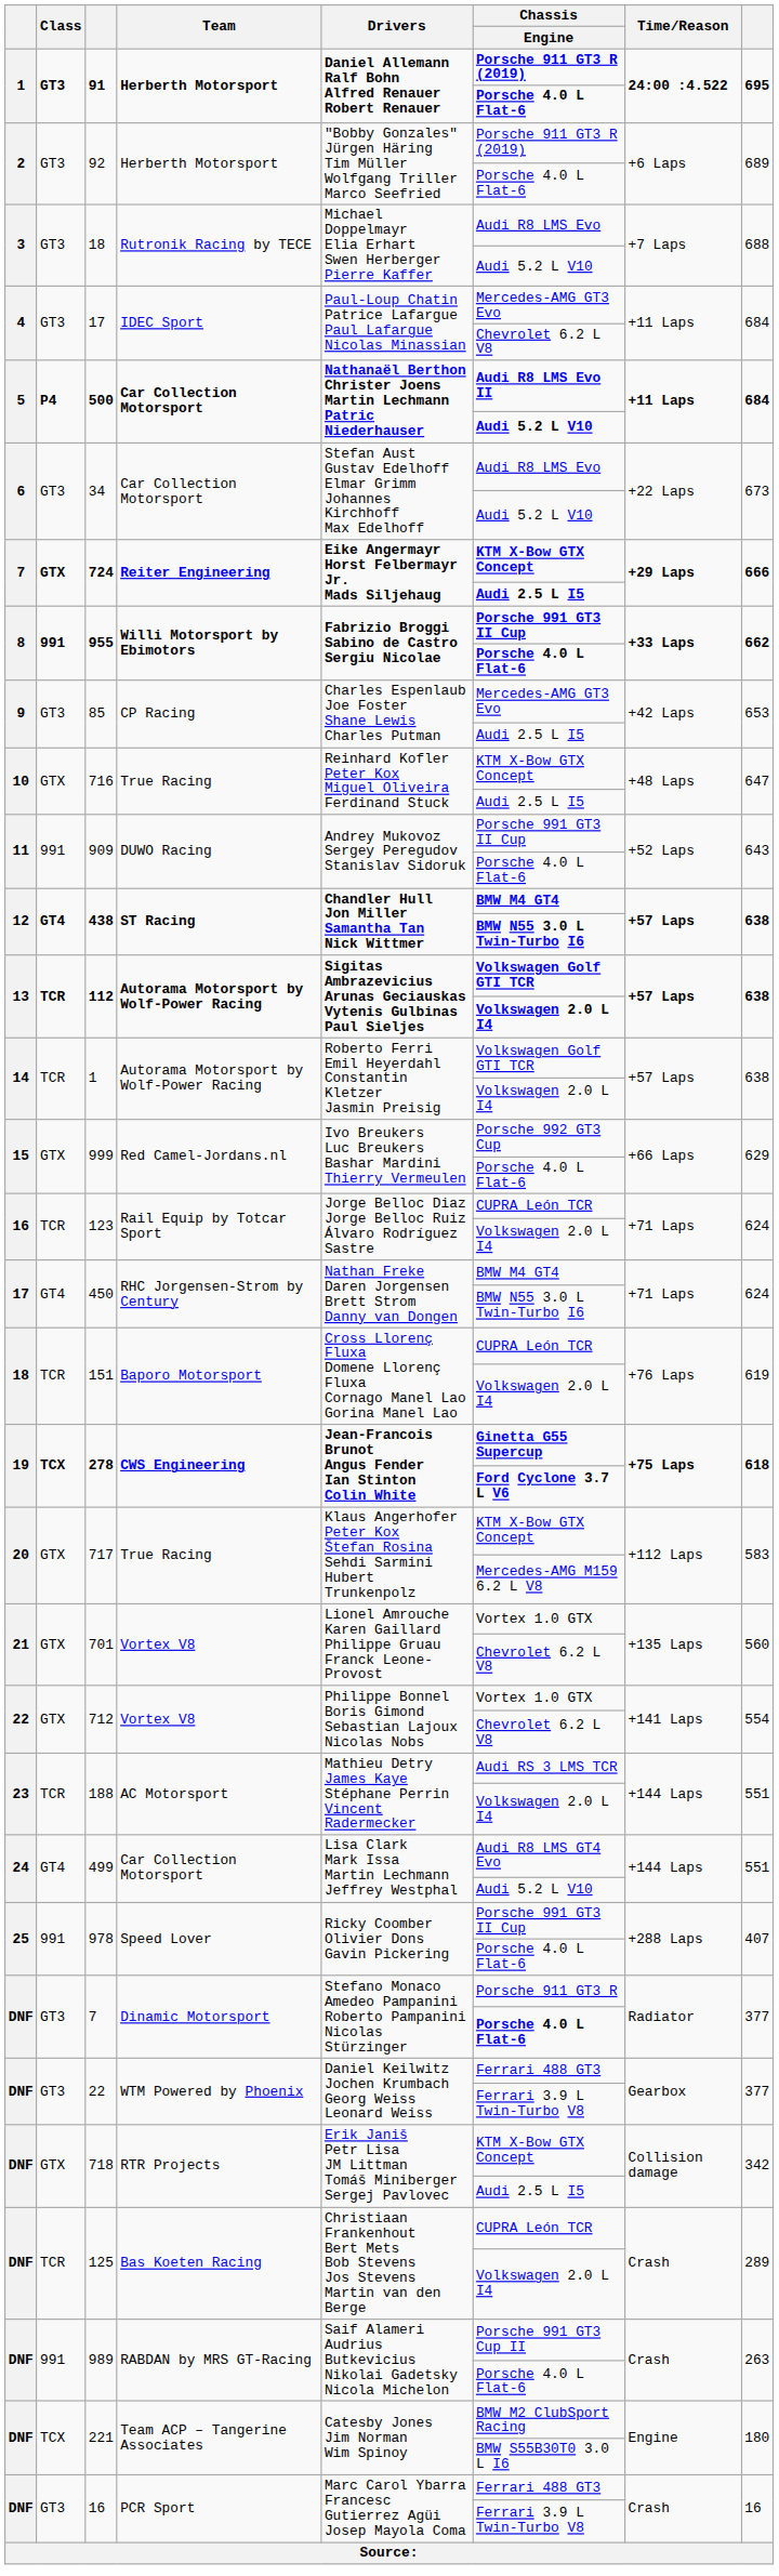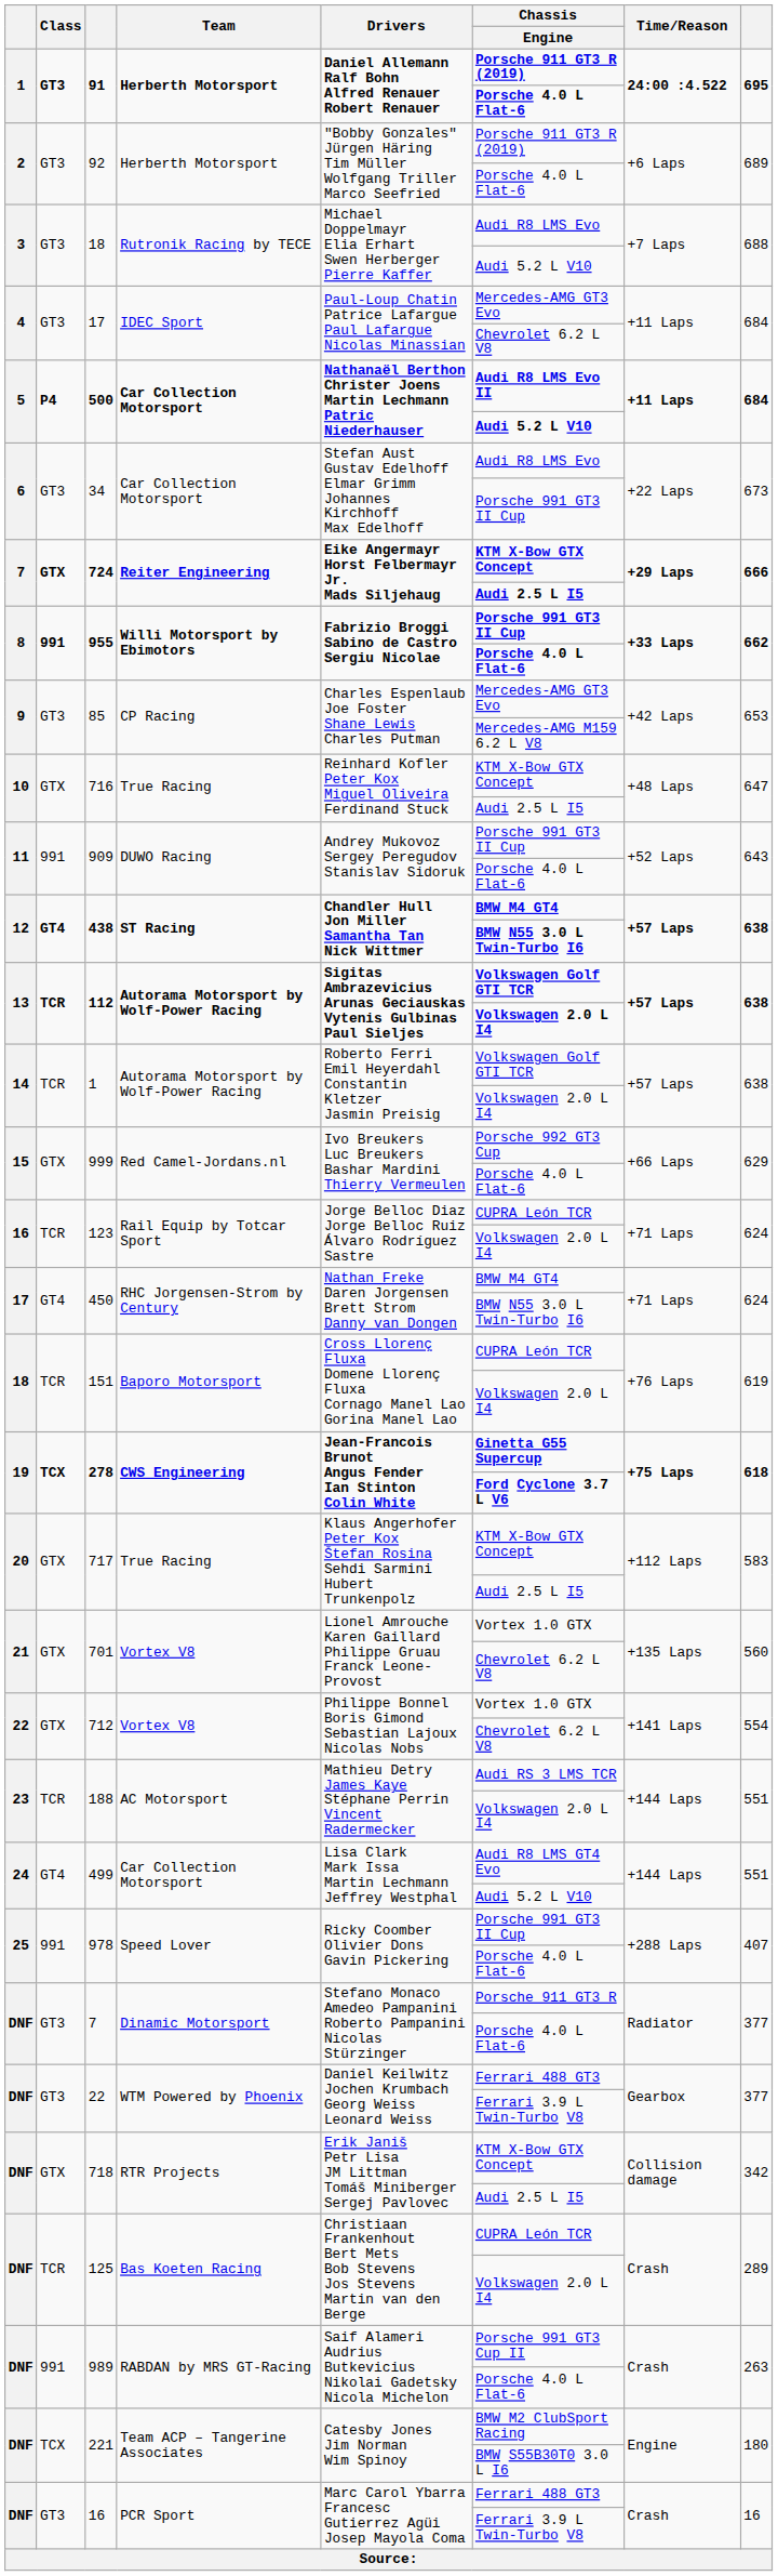 <table class="wikitable" style="font-size: 85%;">
 <tr>
 <th rowspan=2></th>
 <th rowspan=2>Class</th>
 <th rowspan=2></th>
 <th rowspan=2>Team</th>
 <th rowspan=2>Drivers</th>
 <th>Chassis</th>
 <th rowspan=2>Time/Reason</th>
 <th rowspan=2></th>
 </tr>
 <tr>
 <th>Engine</th>
 </tr>
 <tr style="font-weight:bold">
 <th rowspan=2>1</th>
 <td rowspan=2>GT3</td>
 <td rowspan=2>91</td>
 <td rowspan=2> Herberth Motorsport</td>
 <td rowspan=2> Daniel Allemann<br> Ralf Bohn<br> Alfred Renauer<br> Robert Renauer</td>
 <td><a href='#'>Porsche 911 GT3 R (2019)</a></td>
 <td rowspan=2>24:00 :4.522</td>
 <td rowspan=2>695</td>
 </tr>
 <tr style="font-weight:bold">
 <td><a href='#'>Porsche</a> 4.0 L <a href='#'>Flat-6</a></td>
 </tr>
 <tr>
 <th rowspan=2>2</th>
 <td rowspan=2>GT3</td>
 <td rowspan=2>92</td>
 <td rowspan=2> Herberth Motorsport</td>
 <td rowspan=2> "Bobby Gonzales"<br> Jürgen Häring<br> Tim Müller<br> Wolfgang Triller<br> Marco Seefried</td>
 <td><a href='#'>Porsche 911 GT3 R (2019)</a></td>
 <td rowspan=2>+6 Laps</td>
 <td rowspan=2>689</td>
 </tr>
 <tr>
 <td><a href='#'>Porsche</a> 4.0 L <a href='#'>Flat-6</a></td>
 </tr>
 <tr>
 <th rowspan=2>3</th>
 <td rowspan=2>GT3</td>
 <td rowspan=2>18</td>
 <td rowspan=2> <a href='#'>Rutronik Racing</a> by TECE</td>
 <td rowspan=2> Michael Doppelmayr<br> Elia Erhart<br> Swen Herberger<br> <a href='#'>Pierre Kaffer</a></td>
 <td><a href='#'>Audi R8 LMS Evo</a></td>
 <td rowspan=2>+7 Laps</td>
 <td rowspan=2>688</td>
 </tr>
 <tr>
 <td><a href='#'>Audi</a> 5.2 L <a href='#'>V10</a></td>
 </tr>
 <tr>
 <th rowspan=2>4</th>
 <td rowspan=2>GT3</td>
 <td rowspan=2>17</td>
 <td rowspan=2> <a href='#'>IDEC Sport</a></td>
 <td rowspan=2> <a href='#'>Paul-Loup Chatin</a><br> Patrice Lafargue<br> <a href='#'>Paul Lafargue</a><br> <a href='#'>Nicolas Minassian</a></td>
 <td><a href='#'>Mercedes-AMG GT3 Evo</a></td>
 <td rowspan=2>+11 Laps</td>
 <td rowspan=2>684</td>
 </tr>
 <tr>
 <td><a href='#'>Chevrolet</a> 6.2 L <a href='#'>V8</a></td>
 </tr>
 <tr style="font-weight:bold">
 <th rowspan=2>5</th>
 <td rowspan=2>P4</td>
 <td rowspan=2>500</td>
 <td rowspan=2> Car Collection Motorsport</td>
 <td rowspan=2> <a href='#'>Nathanaël Berthon</a><br> Christer Joens<br> Martin Lechmann<br> <a href='#'>Patric Niederhauser</a></td>
 <td><a href='#'>Audi R8 LMS Evo II</a></td>
 <td rowspan=2>+11 Laps</td>
 <td rowspan=2>684</td>
 </tr>
 <tr style="font-weight:bold">
 <td><a href='#'>Audi</a> 5.2 L <a href='#'>V10</a></td>
 </tr>
 <tr>
 <th rowspan=2>6</th>
 <td rowspan=2>GT3</td>
 <td rowspan=2>34</td>
 <td rowspan=2> Car Collection Motorsport</td>
 <td rowspan=2> Stefan Aust<br> Gustav Edelhoff<br> Elmar Grimm<br> Johannes Kirchhoff<br> Max Edelhoff</td>
 <td><a href='#'>Audi R8 LMS Evo</a></td>
 <td rowspan=2>+22 Laps</td>
 <td rowspan=2>673</td>
 </tr>
 <tr>
-<td><a href='#'>Audi</a> 5.2 L <a href='#'>V10</a></td>
+<td><a href='#'>Porsche 991 GT3 II Cup</a></td>
 </tr>
 <tr style="font-weight:bold">
 <th rowspan=2>7</th>
 <td rowspan=2>GTX</td>
 <td rowspan=2>724</td>
 <td rowspan=2> <a href='#'>Reiter Engineering</a></td>
 <td rowspan=2> Eike Angermayr<br> Horst Felbermayr Jr.<br> Mads Siljehaug</td>
 <td><a href='#'>KTM X-Bow GTX Concept</a></td>
 <td rowspan=2>+29 Laps</td>
 <td rowspan=2>666</td>
 </tr>
 <tr style="font-weight:bold">
 <td><a href='#'>Audi</a> 2.5 L <a href='#'>I5</a></td>
 </tr>
 <tr style="font-weight:bold">
 <th rowspan=2>8</th>
 <td rowspan=2>991</td>
 <td rowspan=2>955</td>
 <td rowspan=2> Willi Motorsport by Ebimotors</td>
 <td rowspan=2> Fabrizio Broggi<br> Sabino de Castro<br> Sergiu Nicolae</td>
 <td><a href='#'>Porsche 991 GT3 II Cup</a></td>
 <td rowspan=2>+33 Laps</td>
 <td rowspan=2>662</td>
 </tr>
 <tr style="font-weight:bold">
 <td><a href='#'>Porsche</a> 4.0 L <a href='#'>Flat-6</a></td>
 </tr>
 <tr>
 <th rowspan=2>9</th>
 <td rowspan=2>GT3</td>
 <td rowspan=2>85</td>
 <td rowspan=2> CP Racing</td>
 <td rowspan=2> Charles Espenlaub<br> Joe Foster<br> <a href='#'>Shane Lewis</a><br> Charles Putman</td>
 <td><a href='#'>Mercedes-AMG GT3 Evo</a></td>
 <td rowspan=2>+42 Laps</td>
 <td rowspan=2>653</td>
 </tr>
 <tr>
-<td><a href='#'>Audi</a> 2.5 L <a href='#'>I5</a></td>
+<td><a href='#'>Mercedes-AMG M159</a> 6.2 L <a href='#'>V8</a></td>
 </tr>
 <tr>
 <th rowspan=2>10</th>
 <td rowspan=2>GTX</td>
 <td rowspan=2>716</td>
 <td rowspan=2> True Racing</td>
 <td rowspan=2> Reinhard Kofler<br> <a href='#'>Peter Kox</a><br> <a href='#'>Miguel Oliveira</a><br> Ferdinand Stuck</td>
 <td><a href='#'>KTM X-Bow GTX Concept</a></td>
 <td rowspan=2>+48 Laps</td>
 <td rowspan=2>647</td>
 </tr>
 <tr>
 <td><a href='#'>Audi</a> 2.5 L <a href='#'>I5</a></td>
 </tr>
 <tr>
 <th rowspan=2>11</th>
 <td rowspan=2>991</td>
 <td rowspan=2>909</td>
 <td rowspan=2> DUWO Racing</td>
 <td rowspan=2> Andrey Mukovoz<br> Sergey Peregudov<br> Stanislav Sidoruk</td>
 <td><a href='#'>Porsche 991 GT3 II Cup</a></td>
 <td rowspan=2>+52 Laps</td>
 <td rowspan=2>643</td>
 </tr>
 <tr>
 <td><a href='#'>Porsche</a> 4.0 L <a href='#'>Flat-6</a></td>
 </tr>
 <tr style="font-weight:bold">
 <th rowspan=2>12</th>
 <td rowspan=2>GT4</td>
 <td rowspan=2>438</td>
 <td rowspan=2> ST Racing</td>
 <td rowspan=2> Chandler Hull<br> Jon Miller<br> <a href='#'>Samantha Tan</a><br> Nick Wittmer</td>
 <td><a href='#'>BMW M4 GT4</a></td>
 <td rowspan=2>+57 Laps</td>
 <td rowspan=2>638</td>
 </tr>
 <tr style="font-weight:bold">
 <td><a href='#'>BMW</a> <a href='#'>N55</a> 3.0 L <a href='#'>Twin-Turbo</a> <a href='#'>I6</a></td>
 </tr>
 <tr style="font-weight:bold">
 <th rowspan=2>13</th>
 <td rowspan=2>TCR</td>
 <td rowspan=2>112</td>
 <td rowspan=2> Autorama Motorsport by Wolf-Power Racing</td>
 <td rowspan=2> Sigitas Ambrazevicius<br> Arunas Geciauskas<br> Vytenis Gulbinas<br> Paul Sieljes</td>
 <td><a href='#'>Volkswagen Golf GTI TCR</a></td>
 <td rowspan=2>+57 Laps</td>
 <td rowspan=2>638</td>
 </tr>
 <tr style="font-weight:bold">
 <td><a href='#'>Volkswagen</a> 2.0 L <a href='#'>I4</a></td>
 </tr>
 <tr>
 <th rowspan=2>14</th>
 <td rowspan=2>TCR</td>
 <td rowspan=2>1</td>
 <td rowspan=2> Autorama Motorsport by Wolf-Power Racing</td>
 <td rowspan=2> Roberto Ferri<br> Emil Heyerdahl<br> Constantin Kletzer<br> Jasmin Preisig</td>
 <td><a href='#'>Volkswagen Golf GTI TCR</a></td>
 <td rowspan=2>+57 Laps</td>
 <td rowspan=2>638</td>
 </tr>
 <tr>
 <td><a href='#'>Volkswagen</a> 2.0 L <a href='#'>I4</a></td>
 </tr>
 <tr>
 <th rowspan=2>15</th>
 <td rowspan=2>GTX</td>
 <td rowspan=2>999</td>
 <td rowspan=2> Red Camel-Jordans.nl</td>
 <td rowspan=2> Ivo Breukers<br> Luc Breukers<br> Bashar Mardini<br> <a href='#'>Thierry Vermeulen</a></td>
 <td><a href='#'>Porsche 992 GT3 Cup</a></td>
 <td rowspan=2>+66 Laps</td>
 <td rowspan=2>629</td>
 </tr>
 <tr>
 <td><a href='#'>Porsche</a> 4.0 L <a href='#'>Flat-6</a></td>
 </tr>
 <tr>
 <th rowspan=2>16</th>
 <td rowspan=2>TCR</td>
 <td rowspan=2>123</td>
 <td rowspan=2> Rail Equip by Totcar Sport</td>
 <td rowspan=2> Jorge Belloc Diaz<br> Jorge Belloc Ruiz<br> Álvaro Rodríguez Sastre</td>
 <td><a href='#'>CUPRA León TCR</a></td>
 <td rowspan=2>+71 Laps</td>
 <td rowspan=2>624</td>
 </tr>
 <tr>
 <td><a href='#'>Volkswagen</a> 2.0 L <a href='#'>I4</a></td>
 </tr>
 <tr>
 <th rowspan=2>17</th>
 <td rowspan=2>GT4</td>
 <td rowspan=2>450</td>
 <td rowspan=2> RHC Jorgensen-Strom by <a href='#'>Century</a></td>
 <td rowspan=2> <a href='#'>Nathan Freke</a><br> Daren Jorgensen<br> Brett Strom<br> <a href='#'>Danny van Dongen</a></td>
 <td><a href='#'>BMW M4 GT4</a></td>
 <td rowspan=2>+71 Laps</td>
 <td rowspan=2>624</td>
 </tr>
 <tr>
 <td><a href='#'>BMW</a> <a href='#'>N55</a> 3.0 L <a href='#'>Twin-Turbo</a> <a href='#'>I6</a></td>
 </tr>
 <tr>
 <th rowspan=2>18</th>
 <td rowspan=2>TCR</td>
 <td rowspan=2>151</td>
 <td rowspan=2> <a href='#'>Baporo Motorsport</a></td>
 <td rowspan=2> <a href='#'>Cross Llorenç Fluxa</a><br> Domene Llorenç Fluxa<br> Cornago Manel Lao<br> Gorina Manel Lao</td>
 <td><a href='#'>CUPRA León TCR</a></td>
 <td rowspan=2>+76 Laps</td>
 <td rowspan=2>619</td>
 </tr>
 <tr>
 <td><a href='#'>Volkswagen</a> 2.0 L <a href='#'>I4</a></td>
 </tr>
 <tr style="font-weight:bold">
 <th rowspan=2>19</th>
 <td rowspan=2>TCX</td>
 <td rowspan=2>278</td>
 <td rowspan=2> <a href='#'>CWS Engineering</a></td>
 <td rowspan=2> Jean-Francois Brunot<br> Angus Fender<br> Ian Stinton<br> <a href='#'>Colin White</a></td>
 <td><a href='#'>Ginetta G55 Supercup</a></td>
 <td rowspan=2>+75 Laps</td>
 <td rowspan=2>618</td>
 </tr>
 <tr style="font-weight:bold">
 <td><a href='#'>Ford</a> <a href='#'>Cyclone</a> 3.7 L <a href='#'>V6</a></td>
 </tr>
 <tr>
 <th rowspan=2>20</th>
 <td rowspan=2>GTX</td>
 <td rowspan=2>717</td>
 <td rowspan=2> True Racing</td>
 <td rowspan=2> Klaus Angerhofer<br> <a href='#'>Peter Kox</a><br> <a href='#'>Štefan Rosina</a><br> Sehdi Sarmini<br> Hubert Trunkenpolz</td>
 <td><a href='#'>KTM X-Bow GTX Concept</a></td>
 <td rowspan=2>+112 Laps</td>
 <td rowspan=2>583</td>
 </tr>
 <tr>
-<td><a href='#'>Mercedes-AMG M159</a> 6.2 L <a href='#'>V8</a></td>
+<td><a href='#'>Audi</a> 2.5 L <a href='#'>I5</a></td>
 </tr>
 <tr>
 <th rowspan=2>21</th>
 <td rowspan=2>GTX</td>
 <td rowspan=2>701</td>
 <td rowspan=2> <a href='#'>Vortex V8</a></td>
 <td rowspan=2> Lionel Amrouche<br> Karen Gaillard<br> Philippe Gruau<br> Franck Leone-Provost</td>
 <td>Vortex 1.0 GTX</td>
 <td rowspan=2>+135 Laps</td>
 <td rowspan=2>560</td>
 </tr>
 <tr>
 <td><a href='#'>Chevrolet</a> 6.2 L <a href='#'>V8</a></td>
 </tr>
 <tr>
 <th rowspan=2>22</th>
 <td rowspan=2>GTX</td>
 <td rowspan=2>712</td>
 <td rowspan=2> <a href='#'>Vortex V8</a></td>
 <td rowspan=2> Philippe Bonnel<br> Boris Gimond<br> Sebastian Lajoux<br> Nicolas Nobs</td>
 <td>Vortex 1.0 GTX</td>
 <td rowspan=2>+141 Laps</td>
 <td rowspan=2>554</td>
 </tr>
 <tr>
 <td><a href='#'>Chevrolet</a> 6.2 L <a href='#'>V8</a></td>
 </tr>
 <tr>
 <th rowspan=2>23</th>
 <td rowspan=2>TCR</td>
 <td rowspan=2>188</td>
 <td rowspan=2> AC Motorsport</td>
 <td rowspan=2> Mathieu Detry<br> <a href='#'>James Kaye</a><br> Stéphane Perrin<br> <a href='#'>Vincent Radermecker</a></td>
 <td><a href='#'>Audi RS 3 LMS TCR</a></td>
 <td rowspan=2>+144 Laps</td>
 <td rowspan=2>551</td>
 </tr>
 <tr>
 <td><a href='#'>Volkswagen</a> 2.0 L <a href='#'>I4</a></td>
 </tr>
 <tr>
 <th rowspan=2>24</th>
 <td rowspan=2>GT4</td>
 <td rowspan=2>499</td>
 <td rowspan=2> Car Collection Motorsport</td>
 <td rowspan=2> Lisa Clark<br> Mark Issa<br> Martin Lechmann<br> Jeffrey Westphal</td>
 <td><a href='#'>Audi R8 LMS GT4 Evo</a></td>
 <td rowspan=2>+144 Laps</td>
 <td rowspan=2>551</td>
 </tr>
 <tr>
 <td><a href='#'>Audi</a> 5.2 L <a href='#'>V10</a></td>
 </tr>
 <tr>
 <th rowspan=2>25</th>
 <td rowspan=2>991</td>
 <td rowspan=2>978</td>
 <td rowspan=2> Speed Lover</td>
 <td rowspan=2> Ricky Coomber<br> Olivier Dons<br> Gavin Pickering</td>
 <td><a href='#'>Porsche 991 GT3 II Cup</a></td>
 <td rowspan=2>+288 Laps</td>
 <td rowspan=2>407</td>
 </tr>
 <tr>
 <td><a href='#'>Porsche</a> 4.0 L <a href='#'>Flat-6</a></td>
 </tr>
 <tr>
 <th rowspan=2>DNF</th>
 <td rowspan=2>GT3</td>
 <td rowspan=2>7</td>
 <td rowspan=2> <a href='#'>Dinamic Motorsport</a></td>
 <td rowspan=2> Stefano Monaco<br> Amedeo Pampanini<br> Roberto Pampanini<br> Nicolas Stürzinger</td>
 <td><a href='#'>Porsche 911 GT3 R</a></td>
 <td rowspan=2>Radiator</td>
 <td rowspan=2>377</td>
 </tr>
 <tr>
-<td><strong><a href='#'>Porsche</a> 4.0 L <a href='#'>Flat-6</a></strong></td>
+<td><a href='#'>Porsche</a> 4.0 L <a href='#'>Flat-6</a></td>
 </tr>
 <tr>
 <th rowspan=2>DNF</th>
 <td rowspan=2>GT3</td>
 <td rowspan=2>22</td>
 <td rowspan=2> WTM Powered by <a href='#'>Phoenix</a></td>
 <td rowspan=2> Daniel Keilwitz<br> Jochen Krumbach<br> Georg Weiss<br> Leonard Weiss</td>
 <td><a href='#'>Ferrari 488 GT3</a></td>
 <td rowspan=2>Gearbox</td>
 <td rowspan=2>377</td>
 </tr>
 <tr>
 <td><a href='#'>Ferrari</a> 3.9 L <a href='#'>Twin-Turbo</a> <a href='#'>V8</a></td>
 </tr>
 <tr>
 <th rowspan=2>DNF</th>
 <td rowspan=2>GTX</td>
 <td rowspan=2>718</td>
 <td rowspan=2> RTR Projects</td>
 <td rowspan=2> <a href='#'>Erik Janiš</a><br> Petr Lisa<br> JM Littman<br> Tomáš Miniberger<br> Sergej Pavlovec</td>
 <td><a href='#'>KTM X-Bow GTX Concept</a></td>
 <td rowspan=2>Collision damage</td>
 <td rowspan=2>342</td>
 </tr>
 <tr>
 <td><a href='#'>Audi</a> 2.5 L <a href='#'>I5</a></td>
 </tr>
 <tr>
 <th rowspan=2>DNF</th>
 <td rowspan=2>TCR</td>
 <td rowspan=2>125</td>
 <td rowspan=2> <a href='#'>Bas Koeten Racing</a></td>
 <td rowspan=2> Christiaan Frankenhout<br> Bert Mets<br> Bob Stevens<br> Jos Stevens<br> Martin van den Berge</td>
 <td><a href='#'>CUPRA León TCR</a></td>
 <td rowspan=2>Crash</td>
 <td rowspan=2>289</td>
 </tr>
 <tr>
 <td><a href='#'>Volkswagen</a> 2.0 L <a href='#'>I4</a></td>
 </tr>
 <tr>
 <th rowspan=2>DNF</th>
 <td rowspan=2>991</td>
 <td rowspan=2>989</td>
 <td rowspan=2> RABDAN by MRS GT-Racing</td>
 <td rowspan=2> Saif Alameri<br> Audrius Butkevicius<br> Nikolai Gadetsky<br> Nicola Michelon</td>
 <td><a href='#'>Porsche 991 GT3 Cup II</a></td>
 <td rowspan=2>Crash</td>
 <td rowspan=2>263</td>
 </tr>
 <tr>
 <td><a href='#'>Porsche</a> 4.0 L <a href='#'>Flat-6</a></td>
 </tr>
 <tr>
 <th rowspan=2>DNF</th>
 <td rowspan=2>TCX</td>
 <td rowspan=2>221</td>
 <td rowspan=2> Team ACP – Tangerine Associates</td>
 <td rowspan=2> Catesby Jones<br> Jim Norman<br> Wim Spinoy</td>
 <td><a href='#'>BMW M2 ClubSport Racing</a></td>
 <td rowspan=2>Engine</td>
 <td rowspan=2>180</td>
 </tr>
 <tr>
 <td><a href='#'>BMW</a> <a href='#'>S55B30T0</a> 3.0 L <a href='#'>I6</a></td>
 </tr>
 <tr>
 <th rowspan=2>DNF</th>
 <td rowspan=2>GT3</td>
 <td rowspan=2>16</td>
 <td rowspan=2> PCR Sport</td>
 <td rowspan=2> Marc Carol Ybarra<br> Francesc Gutierrez Agüi<br> Josep Mayola Coma</td>
 <td><a href='#'>Ferrari 488 GT3</a></td>
 <td rowspan=2>Crash</td>
 <td rowspan=2>16</td>
 </tr>
 <tr>
 <td><a href='#'>Ferrari</a> 3.9 L <a href='#'>Twin-Turbo</a> <a href='#'>V8</a></td>
 </tr>
 <tr>
 <th colspan=9>Source:</th>
 </tr>
 </table>
